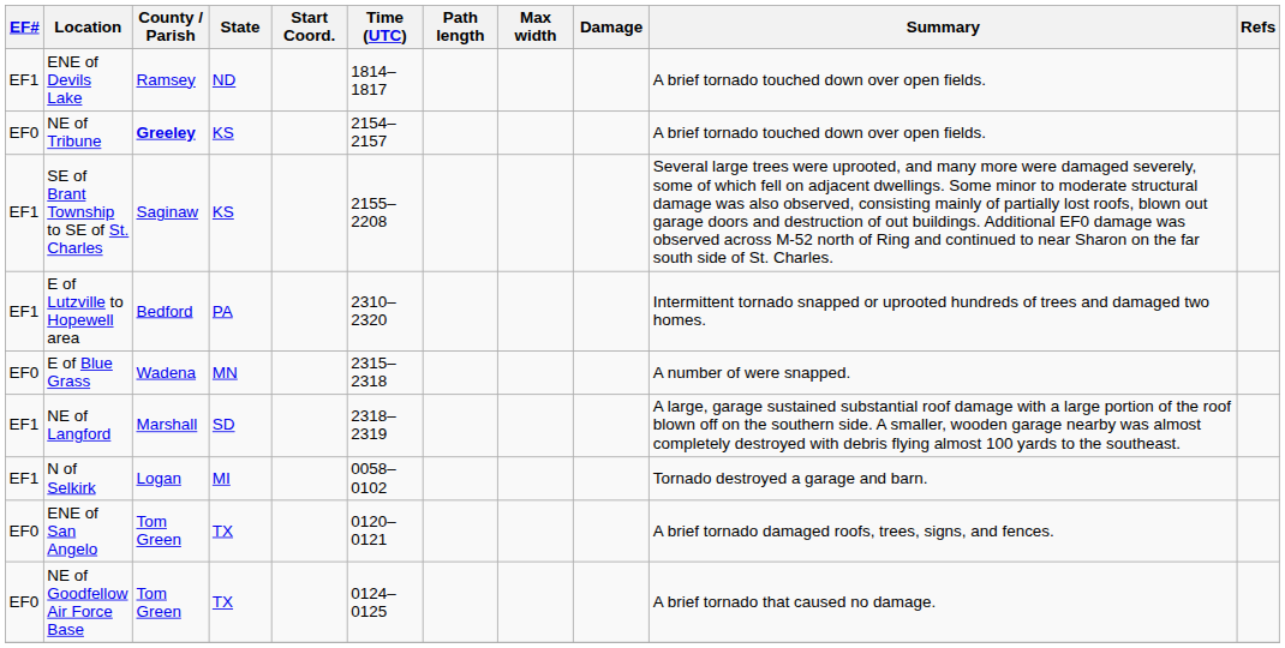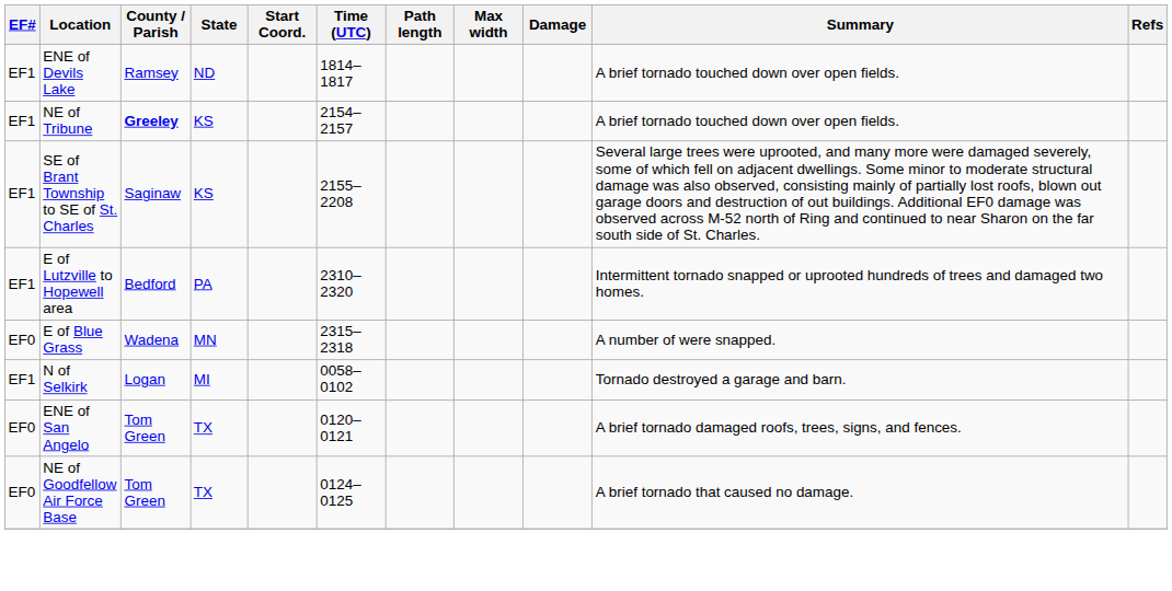 <table class="wikitable sortable" style="width:100%;">
 <tr>
 <th scope="col" width="3%" align="center"><a href='#'>EF#</a></th>
 <th scope="col" width="7%" align="center" class="unsortable">Location</th>
 <th scope="col" width="6%" align="center" class="unsortable">County / Parish</th>
 <th scope="col" width="5%" align="center">State</th>
 <th scope="col" width="6%" align="center">Start Coord.</th>
 <th scope="col" width="6%" align="center">Time (<a href='#'>UTC</a>)</th>
 <th scope="col" width="6%" align="center">Path length</th>
 <th scope="col" width="6%" align="center">Max width</th>
 <th scope="col" width="6%" align="center">Damage</th>
 <th scope="col" width="48%" class="unsortable" align="center">Summary</th>
 <th scope="col" width="48%" class="unsortable" align="center">Refs</th>
 </tr>
 <tr>
 <td>EF1</td>
 <td>ENE of <a href='#'>Devils Lake</a></td>
 <td><a href='#'>Ramsey</a></td>
 <td><a href='#'>ND</a></td>
 <td></td>
 <td>1814–1817</td>
 <td></td>
 <td></td>
 <td></td>
 <td>A brief tornado touched down over open fields.</td>
 <td></td>
 </tr>
 <tr>
-<td>EF0</td>
+<td>EF1</td>
 <td>NE of <a href='#'>Tribune</a></td>
 <td><strong><a href='#'>Greeley</a></strong></td>
 <td><a href='#'>KS</a></td>
 <td></td>
 <td>2154–2157</td>
 <td></td>
 <td></td>
 <td></td>
 <td>A brief tornado touched down over open fields.</td>
 <td></td>
 </tr>
 <tr>
 <td>EF1</td>
 <td>SE of <a href='#'>Brant Township</a> to SE of <a href='#'>St. Charles</a></td>
 <td><a href='#'>Saginaw</a></td>
 <td><a href='#'>KS</a></td>
 <td></td>
 <td>2155–2208</td>
 <td></td>
 <td></td>
 <td></td>
 <td>Several large trees were uprooted, and many more were damaged severely, some of which fell on adjacent dwellings. Some minor to moderate structural damage was also observed, consisting mainly of partially lost roofs, blown out garage doors and destruction of out buildings. Additional EF0 damage was observed across M-52 north of Ring and continued to near Sharon on the far south side of St. Charles.</td>
 <td></td>
 </tr>
 <tr>
 <td>EF1</td>
 <td>E of <a href='#'>Lutzville</a> to <a href='#'>Hopewell</a> area</td>
 <td><a href='#'>Bedford</a></td>
 <td><a href='#'>PA</a></td>
 <td></td>
 <td>2310–2320</td>
 <td></td>
 <td></td>
 <td></td>
 <td>Intermittent tornado snapped or uprooted hundreds of trees and damaged two homes.</td>
 <td></td>
 </tr>
 <tr>
 <td>EF0</td>
 <td>E of <a href='#'>Blue Grass</a></td>
 <td><a href='#'>Wadena</a></td>
 <td><a href='#'>MN</a></td>
 <td></td>
 <td>2315–2318</td>
 <td></td>
 <td></td>
 <td></td>
 <td>A number of  were snapped.</td>
 <td></td>
 </tr>
 <tr>
 <td>EF1</td>
-<td>NE of <a href='#'>Langford</a></td>
-<td><a href='#'>Marshall</a></td>
-<td><a href='#'>SD</a></td>
-<td></td>
-<td>2318–2319</td>
-<td></td>
-<td></td>
-<td></td>
-<td>A large, garage sustained substantial roof damage with a large portion of the roof blown off on the southern side. A smaller, wooden garage nearby was almost completely destroyed with debris flying almost 100 yards to the southeast.</td>
-<td></td>
-</tr>
-<tr>
-<td>EF1</td>
 <td>N of <a href='#'>Selkirk</a></td>
 <td><a href='#'>Logan</a></td>
 <td><a href='#'>MI</a></td>
 <td></td>
 <td>0058–0102</td>
 <td></td>
 <td></td>
 <td></td>
 <td>Tornado destroyed a garage and barn.</td>
 <td></td>
 </tr>
 <tr>
 <td>EF0</td>
 <td>ENE of <a href='#'>San Angelo</a></td>
 <td><a href='#'>Tom Green</a></td>
 <td><a href='#'>TX</a></td>
 <td></td>
 <td>0120–0121</td>
 <td></td>
 <td></td>
 <td></td>
 <td>A brief tornado damaged roofs, trees, signs, and fences.</td>
 <td></td>
 </tr>
 <tr>
 <td>EF0</td>
 <td>NE of <a href='#'>Goodfellow Air Force Base</a></td>
 <td><a href='#'>Tom Green</a></td>
 <td><a href='#'>TX</a></td>
 <td></td>
 <td>0124–0125</td>
 <td></td>
 <td></td>
 <td></td>
 <td>A brief tornado that caused no damage.</td>
 <td></td>
 </tr>
 <tr>
 </tr>
 </table>
